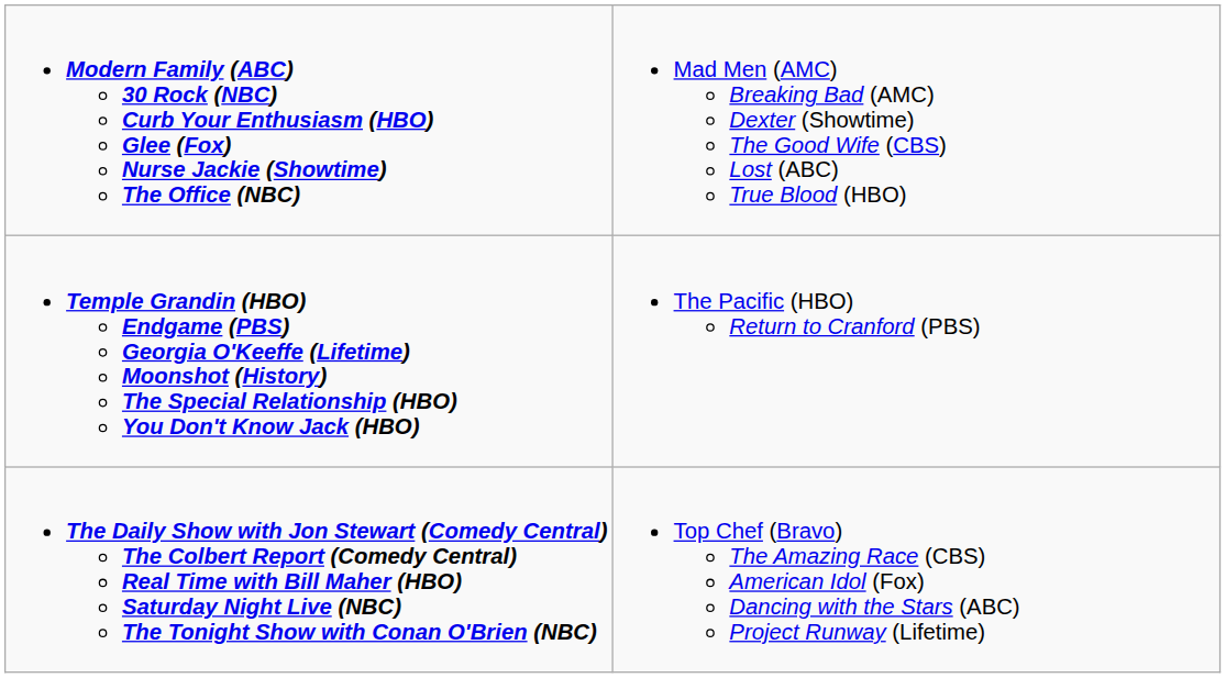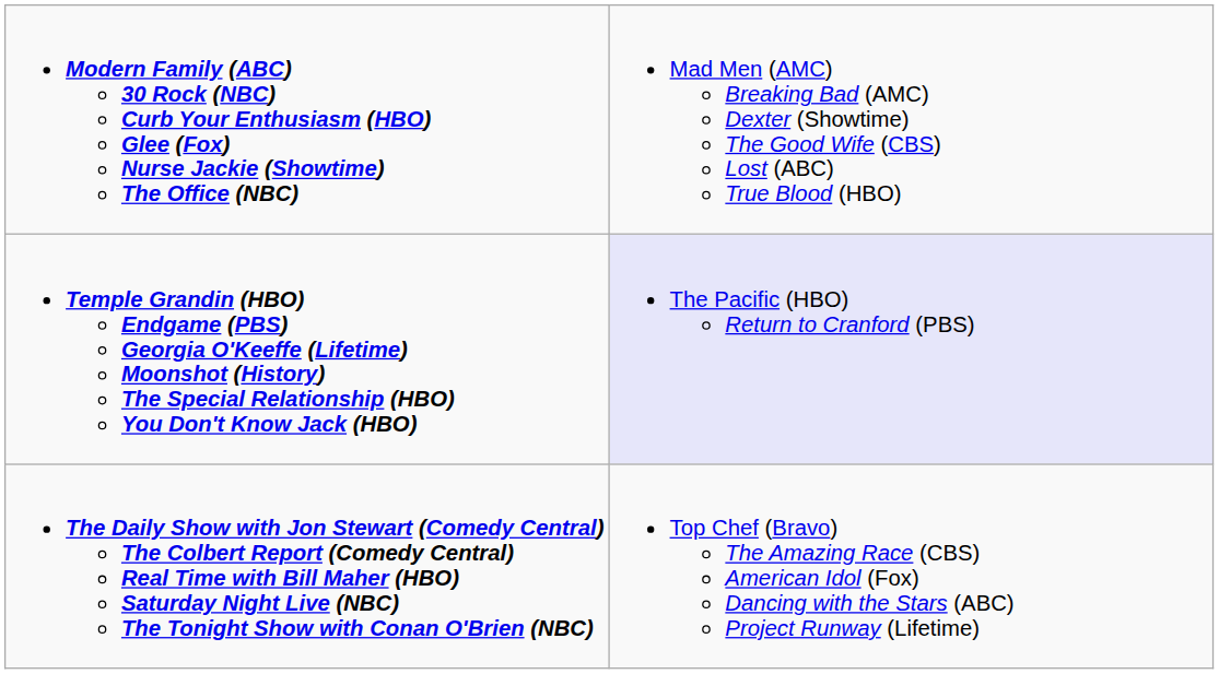 <table class="wikitable">
 <tr>
 <td style="vertical-align:top;" width="50%"><br><ul><li><strong><em><a href='#'>Modern Family</a><em> (<a href='#'>ABC</a>)<strong><ul><li></em><a href='#'>30 Rock</a><em> (<a href='#'>NBC</a>)</li><li></em><a href='#'>Curb Your Enthusiasm</a><em> (<a href='#'>HBO</a>)</li><li></em><a href='#'>Glee</a><em> (<a href='#'>Fox</a>)</li><li></em><a href='#'>Nurse Jackie</a><em> (<a href='#'>Showtime</a>)</li><li></em><a href='#'>The Office</a><em> (NBC)</li></ul></li></ul></td>
 <td style="vertical-align:top;" width="50%"><br><ul><li></em></strong><a href='#'>Mad Men</a></em> (<a href='#'>AMC</a>)</strong><ul><li><em><a href='#'>Breaking Bad</a></em> (AMC)</li><li><em><a href='#'>Dexter</a></em> (Showtime)</li><li><em><a href='#'>The Good Wife</a></em> (<a href='#'>CBS</a>)</li><li><em><a href='#'>Lost</a></em> (ABC)</li><li><em><a href='#'>True Blood</a></em> (HBO)</li></ul></li></ul></td>
 </tr>
 <tr>
 <td style="vertical-align:top;" width="50%"><br><ul><li><strong><em><a href='#'>Temple Grandin</a><em> (HBO)<strong><ul><li></em><a href='#'>Endgame</a><em> (<a href='#'>PBS</a>)</li><li></em><a href='#'>Georgia O'Keeffe</a><em> (<a href='#'>Lifetime</a>)</li><li></em><a href='#'>Moonshot</a><em> (<a href='#'>History</a>)</li><li></em><a href='#'>The Special Relationship</a><em> (HBO)</li><li></em><a href='#'>You Don't Know Jack</a><em> (HBO)</li></ul></li></ul></td>
-<td style="vertical-align:top;" width="50%"><br><ul><li></em></strong><a href='#'>The Pacific</a></em> (HBO)</strong><ul><li><em><a href='#'>Return to Cranford</a></em> (PBS)</li></ul></li></ul></td>
+<td style="background: lavender; vertical-align:top;" width="50%"><br><ul><li></em></strong><a href='#'>The Pacific</a></em> (HBO)</strong><ul><li><em><a href='#'>Return to Cranford</a></em> (PBS)</li></ul></li></ul></td>
 </tr>
 <tr>
 <td style="vertical-align:top;" width="50%"><br><ul><li><strong><em><a href='#'>The Daily Show with Jon Stewart</a><em> (<a href='#'>Comedy Central</a>)<strong><ul><li></em><a href='#'>The Colbert Report</a><em> (Comedy Central)</li><li></em><a href='#'>Real Time with Bill Maher</a><em> (HBO)</li><li></em><a href='#'>Saturday Night Live</a><em> (NBC)</li><li></em><a href='#'>The Tonight Show with Conan O'Brien</a><em> (NBC)</li></ul></li></ul></td>
 <td style="vertical-align:top;" width="50%"><br><ul><li></em></strong><a href='#'>Top Chef</a></em> (<a href='#'>Bravo</a>)</strong><ul><li><em><a href='#'>The Amazing Race</a></em> (CBS)</li><li><em><a href='#'>American Idol</a></em> (Fox)</li><li><em><a href='#'>Dancing with the Stars</a></em> (ABC)</li><li><em><a href='#'>Project Runway</a></em> (Lifetime)</li></ul></li></ul></td>
 </tr>
 </table>
